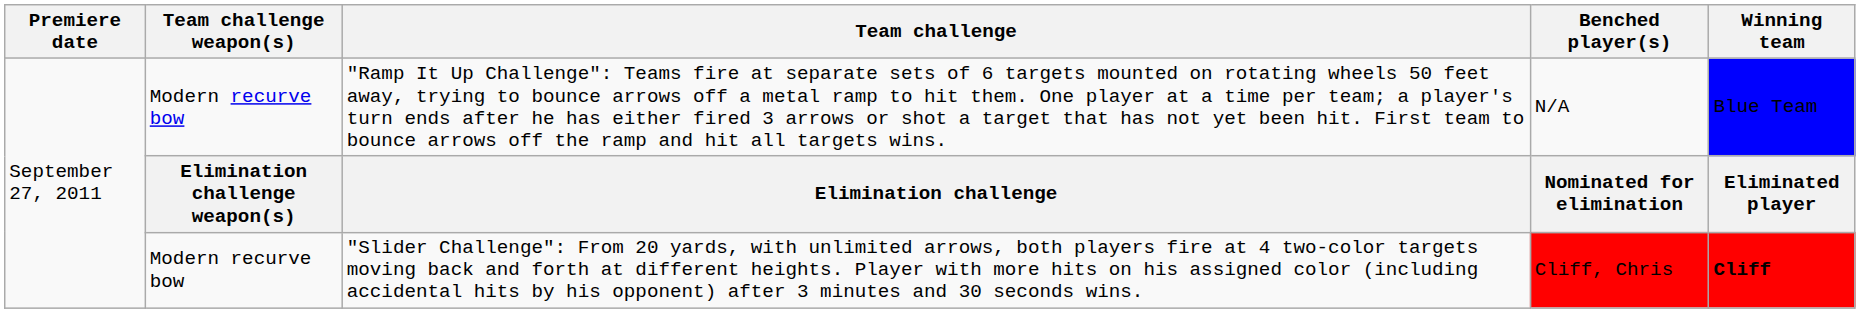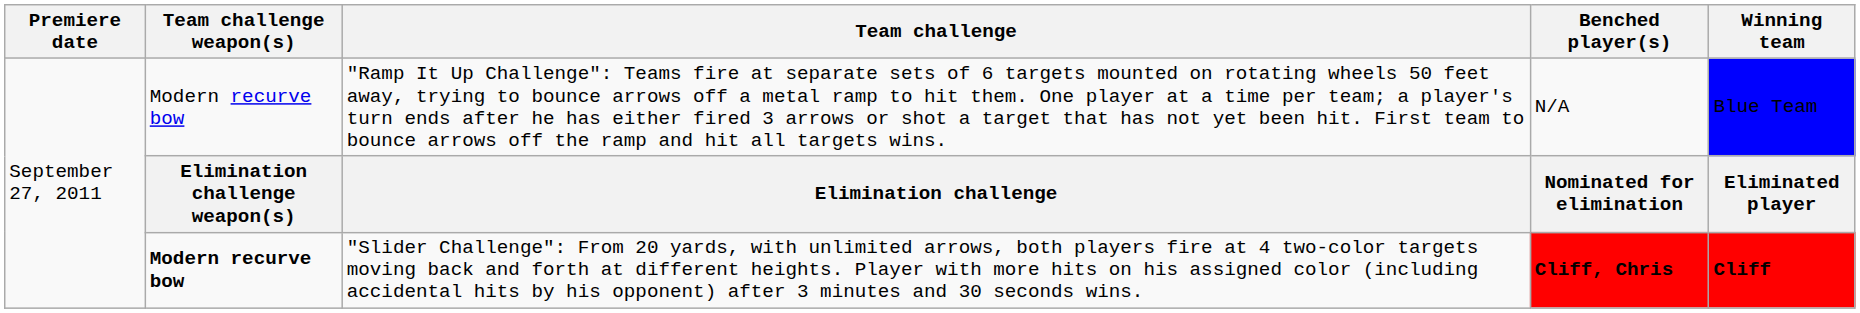 <table class="wikitable">
 <tr>
 <th>Premiere date</th>
 <th>Team challenge weapon(s)</th>
 <th>Team challenge</th>
 <th>Benched player(s)</th>
 <th>Winning team</th>
 </tr>
 <tr>
 <td rowspan="3">September 27, 2011</td>
 <td>Modern <a href='#'>recurve bow</a></td>
 <td>"Ramp It Up Challenge": Teams fire at separate sets of 6 targets mounted on rotating wheels 50 feet away, trying to bounce arrows off a metal ramp to hit them. One player at a time per team; a player's turn ends after he has either fired 3 arrows or shot a target that has not yet been hit. First team to bounce arrows off the ramp and hit all targets wins.</td>
 <td>N/A</td>
 <td style="background:blue;"><span>Blue Team</span></td>
 </tr>
 <tr>
 <th>Elimination challenge weapon(s)</th>
 <th>Elimination challenge</th>
 <th>Nominated for elimination</th>
 <th>Eliminated player</th>
 </tr>
 <tr>
-<td>Modern recurve bow</td>
+<td><strong>Modern recurve bow</strong></td>
 <td>"Slider Challenge": From 20 yards, with unlimited arrows, both players fire at 4 two-color targets moving back and forth at different heights. Player with more hits on his assigned color (including accidental hits by his opponent) after 3 minutes and 30 seconds wins.</td>
-<td style="background:red;"><span>Cliff, Chris</span></td>
+<td style="background:red;"><strong><span>Cliff, Chris</span></strong></td>
 <td style="background:red;"><strong><span>Cliff</span></strong></td>
 </tr>
 </table>
